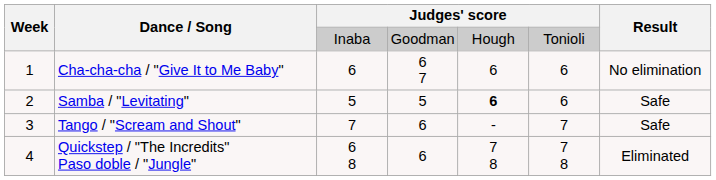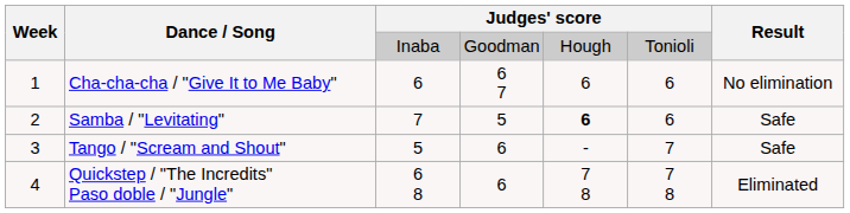 <table class="wikitable" style="text-align:center;">
 <tr style="text-align:center;">
 <th rowspan="2" bgcolor="#CCCCCC" align="Center">Week</th>
 <th rowspan="2" bgcolor="#CCCCCC" align="Center">Dance / Song</th>
 <th colspan="4" bgcolor="#CCCCCC" align="Center">Judges' score</th>
 <th rowspan="2" bgcolor="#CCCCCC" align="Center">Result</th>
 </tr>
 <tr>
 <td bgcolor="#CCCCCC" width="10%" align="center">Inaba</td>
 <td bgcolor="#CCCCCC" width="10%" align="center">Goodman</td>
 <td bgcolor="#CCCCCC" width="10%" align="center">Hough</td>
 <td bgcolor="#CCCCCC" width="10%" align="center">Tonioli</td>
 </tr>
 <tr>
 <td bgcolor="#FAF6F6">1</td>
 <td align="left" bgcolor="FAF6F6"><a href='#'>Cha-cha-cha</a> / "<a href='#'>Give It to Me Baby</a>"</td>
 <td bgcolor="#FAF6F6">6</td>
 <td bgcolor="#FAF6F6">6<br>7</td>
 <td bgcolor="#FAF6F6">6</td>
 <td bgcolor="#FAF6F6">6</td>
 <td bgcolor="#FAF6F6">No elimination</td>
 </tr>
 <tr>
 <td bgcolor="FAF6F6">2</td>
 <td align="left" bgcolor="FAF6F6"><a href='#'>Samba</a> /  "<a href='#'>Levitating</a>"</td>
-<td bgcolor="#FAF6F6">5</td>
+<td bgcolor="#FAF6F6">7</td>
 <td bgcolor="#FAF6F6">5</td>
 <td bgcolor="#FAF6F6"><strong>6</strong></td>
 <td bgcolor="#FAF6F6">6</td>
 <td bgcolor="#FAF6F6">Safe</td>
 </tr>
 <tr>
 <td bgcolor="FAF6F6">3</td>
 <td align="left" bgcolor="FAF6F6"><a href='#'>Tango</a> /  "<a href='#'>Scream and Shout</a>"</td>
-<td bgcolor="#FAF6F6">7</td>
+<td bgcolor="#FAF6F6">5</td>
 <td bgcolor="#FAF6F6">6</td>
 <td bgcolor="#FAF6F6">-</td>
 <td bgcolor="#FAF6F6">7</td>
 <td bgcolor="#FAF6F6">Safe</td>
 </tr>
 <tr>
 <td bgcolor="FAF6F6">4</td>
 <td align="left" bgcolor="FAF6F6"><a href='#'>Quickstep</a> / "The Incredits"<br><a href='#'>Paso doble</a> / "<a href='#'>Jungle</a>"</td>
 <td bgcolor="#FAF6F6">6<br>8</td>
 <td bgcolor="#FAF6F6">6</td>
 <td bgcolor="#FAF6F6">7<br>8</td>
 <td bgcolor="#FAF6F6">7<br>8</td>
 <td bgcolor="#FAF6F6">Eliminated</td>
 </tr>
 </table>
